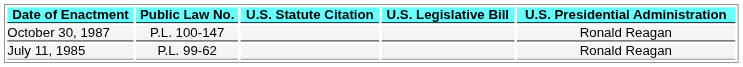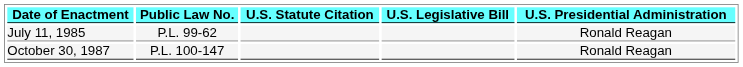 <table style="border:1px solid gray; align:left; width:70%" cellspacing=3 cellpadding=0>
 <tr style="font-weight:bold; text-align:center; background:#6FF; color:black;">
 <th style=" border-bottom:1.5px solid black">Date of Enactment</th>
 <th style=" border-bottom:1.5px solid black">Public Law No.</th>
 <th style=" border-bottom:1.5px solid black">U.S. Statute Citation</th>
 <th style=" border-bottom:1.5px solid black">U.S. Legislative Bill</th>
 <th style=" border-bottom:1.5px solid black">U.S. Presidential Administration</th>
 </tr>
 <tr>
+<td style="border-bottom:1px solid gray; background:#F5F5F5;">July 11, 1985</td>
+<td style="border-bottom:1px solid gray; background:#F5F5F5; text-align:center;">P.L. 99-62</td>
+<td style="border-bottom:1px solid gray; background:#F5F5F5; text-align:center;"></td>
+<td style="border-bottom:1px solid gray; background:#F5F5F5; text-align:center;"></td>
+<td style="border-bottom:1px solid gray; background:#F5F5F5; text-align:center;">Ronald Reagan</td>
+</tr>
+<tr>
 <td style="border-bottom:1.5px solid black; background:#F5F5F5;">October 30, 1987</td>
 <td style="border-bottom:1.5px solid black; background:#F5F5F5; text-align:center;">P.L. 100-147</td>
 <td style="border-bottom:1.5px solid black; background:#F5F5F5; text-align:center;"></td>
 <td style="border-bottom:1.5px solid black; background:#F5F5F5; text-align:center;"></td>
 <td style="border-bottom:1.5px solid black; background:#F5F5F5; text-align:center;">Ronald Reagan</td>
 </tr>
-<tr>
-<td style="border-bottom:1px solid gray; background:#F5F5F5;">July 11, 1985</td>
-<td style="border-bottom:1px solid gray; background:#F5F5F5; text-align:center;">P.L. 99-62</td>
-<td style="border-bottom:1px solid gray; background:#F5F5F5; text-align:center;"></td>
-<td style="border-bottom:1px solid gray; background:#F5F5F5; text-align:center;"></td>
-<td style="border-bottom:1px solid gray; background:#F5F5F5; text-align:center;">Ronald Reagan</td>
-</tr>
 </table>
